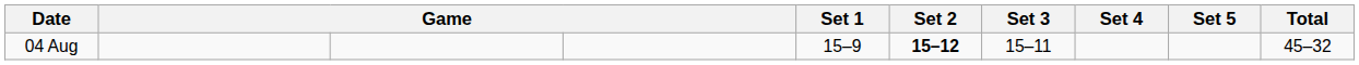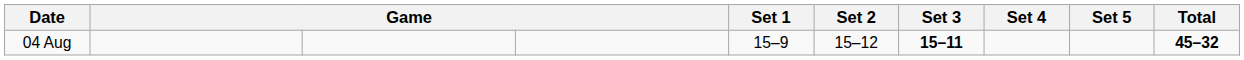 <table width=1200 class="wikitable">
 <tr>
 <th width=6%>Date</th>
 <th width=45% colspan=3>Game</th>
 <th width=6%>Set 1</th>
 <th width=6%>Set 2</th>
 <th width=6%>Set 3</th>
 <th width=6%>Set 4</th>
 <th width=6%>Set 5</th>
 <th width=6%>Total</th>
 </tr>
 <tr style=font-size:95%>
 <td align=center>04 Aug</td>
 <td align=center><strong></strong></td>
 <td></td>
 <td></td>
 <td align=center>15–9</td>
-<td align=center><strong>15–12</strong></td>
-<td align=center>15–11</td>
+<td align=center>15–12</td>
+<td align=center><strong>15–11</strong></td>
 <td align=center></td>
 <td align=center></td>
-<td align=center>45–32</td>
+<td align=center><strong>45–32</strong></td>
 </tr>
 </table>
